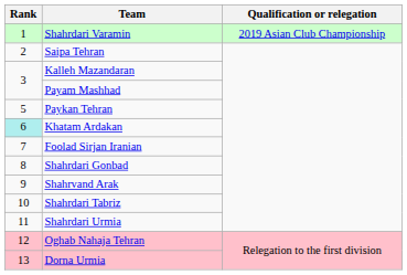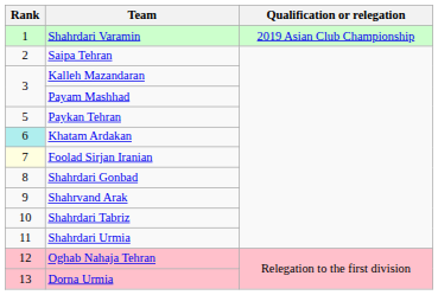 <table class="wikitable" style="text-align:center; font-size:90%">
 <tr>
 <th width=40>Rank</th>
 <th width=220>Team</th>
 <th width=220>Qualification or relegation</th>
 </tr>
 <tr bgcolor=#ccffcc>
 <td>1</td>
 <td style="text-align:left"><a href='#'>Shahrdari Varamin</a></td>
 <td><a href='#'>2019 Asian Club Championship</a></td>
 </tr>
 <tr>
 <td>2</td>
 <td style="text-align:left"><a href='#'>Saipa Tehran</a></td>
 <td rowspan=10></td>
 </tr>
 <tr>
 <td rowspan=2>3</td>
 <td style="text-align:left"><a href='#'>Kalleh Mazandaran</a></td>
 </tr>
 <tr>
 <td style="text-align:left"><a href='#'>Payam Mashhad</a></td>
 </tr>
 <tr>
 <td>5</td>
 <td style="text-align:left"><a href='#'>Paykan Tehran</a></td>
 </tr>
 <tr>
 <td style="background: paleturquoise;">6</td>
 <td style="text-align:left"><a href='#'>Khatam Ardakan</a></td>
 </tr>
 <tr>
-<td>7</td>
+<td style="background: lightyellow;">7</td>
 <td style="text-align:left"><a href='#'>Foolad Sirjan Iranian</a></td>
 </tr>
 <tr>
 <td>8</td>
 <td style="text-align:left"><a href='#'>Shahrdari Gonbad</a></td>
 </tr>
 <tr>
 <td>9</td>
 <td style="text-align:left"><a href='#'>Shahrvand Arak</a></td>
 </tr>
 <tr>
 <td>10</td>
 <td style="text-align:left"><a href='#'>Shahrdari Tabriz</a></td>
 </tr>
 <tr>
 <td>11</td>
 <td style="text-align:left"><a href='#'>Shahrdari Urmia</a></td>
 </tr>
 <tr bgcolor=pink>
 <td>12</td>
 <td style="text-align:left"><a href='#'>Oghab Nahaja Tehran</a></td>
 <td rowspan=2>Relegation to the first division</td>
 </tr>
 <tr bgcolor=pink>
 <td>13</td>
 <td style="text-align:left"><a href='#'>Dorna Urmia</a></td>
 </tr>
 </table>
